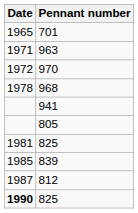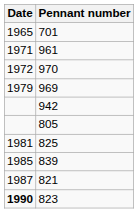 <table class="wikitable">
 <tr>
 <th>Date</th>
 <th>Pennant number</th>
 </tr>
 <tr>
 <td>1965</td>
 <td>701</td>
 </tr>
 <tr>
 <td>1971</td>
-<td>963</td>
+<td>961</td>
 </tr>
 <tr>
 <td>1972</td>
 <td>970</td>
 </tr>
 <tr>
-<td>1978</td>
-<td>968</td>
+<td>1979</td>
+<td>969</td>
 </tr>
 <tr>
 <td></td>
-<td>941</td>
+<td>942</td>
 </tr>
 <tr>
 <td></td>
 <td>805</td>
 </tr>
 <tr>
 <td>1981</td>
 <td>825</td>
 </tr>
 <tr>
 <td>1985</td>
 <td>839</td>
 </tr>
 <tr>
 <td>1987</td>
-<td>812</td>
+<td>821</td>
 </tr>
 <tr>
 <td><strong>1990</strong></td>
-<td>825</td>
+<td>823</td>
 </tr>
 </table>
